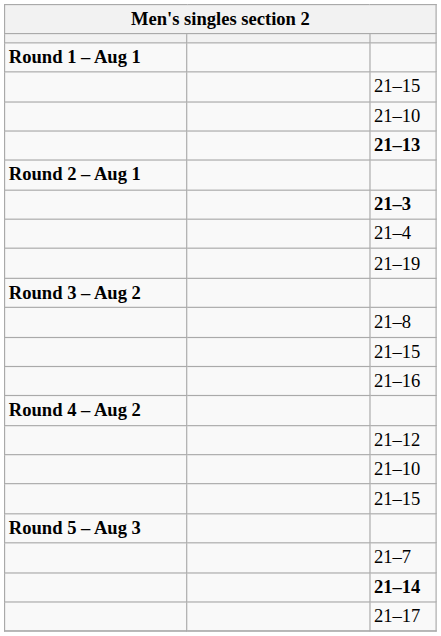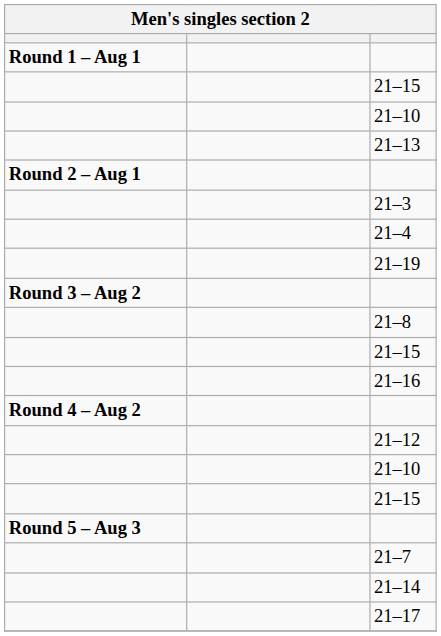 <table class="wikitable">
 <tr>
 <th colspan="3">Men's singles section 2</th>
 </tr>
 <tr>
 <th width=150></th>
 <th width=150></th>
 <th width=50></th>
 </tr>
 <tr>
 <td><strong>Round 1 – Aug 1</strong></td>
 <td></td>
 <td></td>
 </tr>
 <tr>
 <td></td>
 <td></td>
 <td>21–15</td>
 </tr>
 <tr>
 <td></td>
 <td></td>
 <td>21–10</td>
 </tr>
 <tr>
 <td></td>
 <td></td>
-<td><strong>21–13</strong></td>
+<td>21–13</td>
 </tr>
 <tr>
 <td><strong>Round 2 – Aug 1</strong></td>
 <td></td>
 <td></td>
 </tr>
 <tr>
 <td></td>
 <td></td>
-<td><strong>21–3</strong></td>
+<td>21–3</td>
 </tr>
 <tr>
 <td></td>
 <td></td>
 <td>21–4</td>
 </tr>
 <tr>
 <td></td>
 <td></td>
 <td>21–19</td>
 </tr>
 <tr>
 <td><strong>Round 3 – Aug 2</strong></td>
 <td></td>
 <td></td>
 </tr>
 <tr>
 <td></td>
 <td></td>
 <td>21–8</td>
 </tr>
 <tr>
 <td></td>
 <td></td>
 <td>21–15</td>
 </tr>
 <tr>
 <td></td>
 <td></td>
 <td>21–16</td>
 </tr>
 <tr>
 <td><strong>Round 4 – Aug 2</strong></td>
 <td></td>
 <td></td>
 </tr>
 <tr>
 <td></td>
 <td></td>
 <td>21–12</td>
 </tr>
 <tr>
 <td></td>
 <td></td>
 <td>21–10</td>
 </tr>
 <tr>
 <td></td>
 <td></td>
 <td>21–15</td>
 </tr>
 <tr>
 <td><strong>Round 5 – Aug 3</strong></td>
 <td></td>
 <td></td>
 </tr>
 <tr>
 <td></td>
 <td></td>
 <td>21–7</td>
 </tr>
 <tr>
 <td></td>
 <td></td>
-<td><strong>21–14</strong></td>
+<td>21–14</td>
 </tr>
 <tr>
 <td></td>
 <td></td>
 <td>21–17</td>
 </tr>
 <tr>
 </tr>
 </table>
